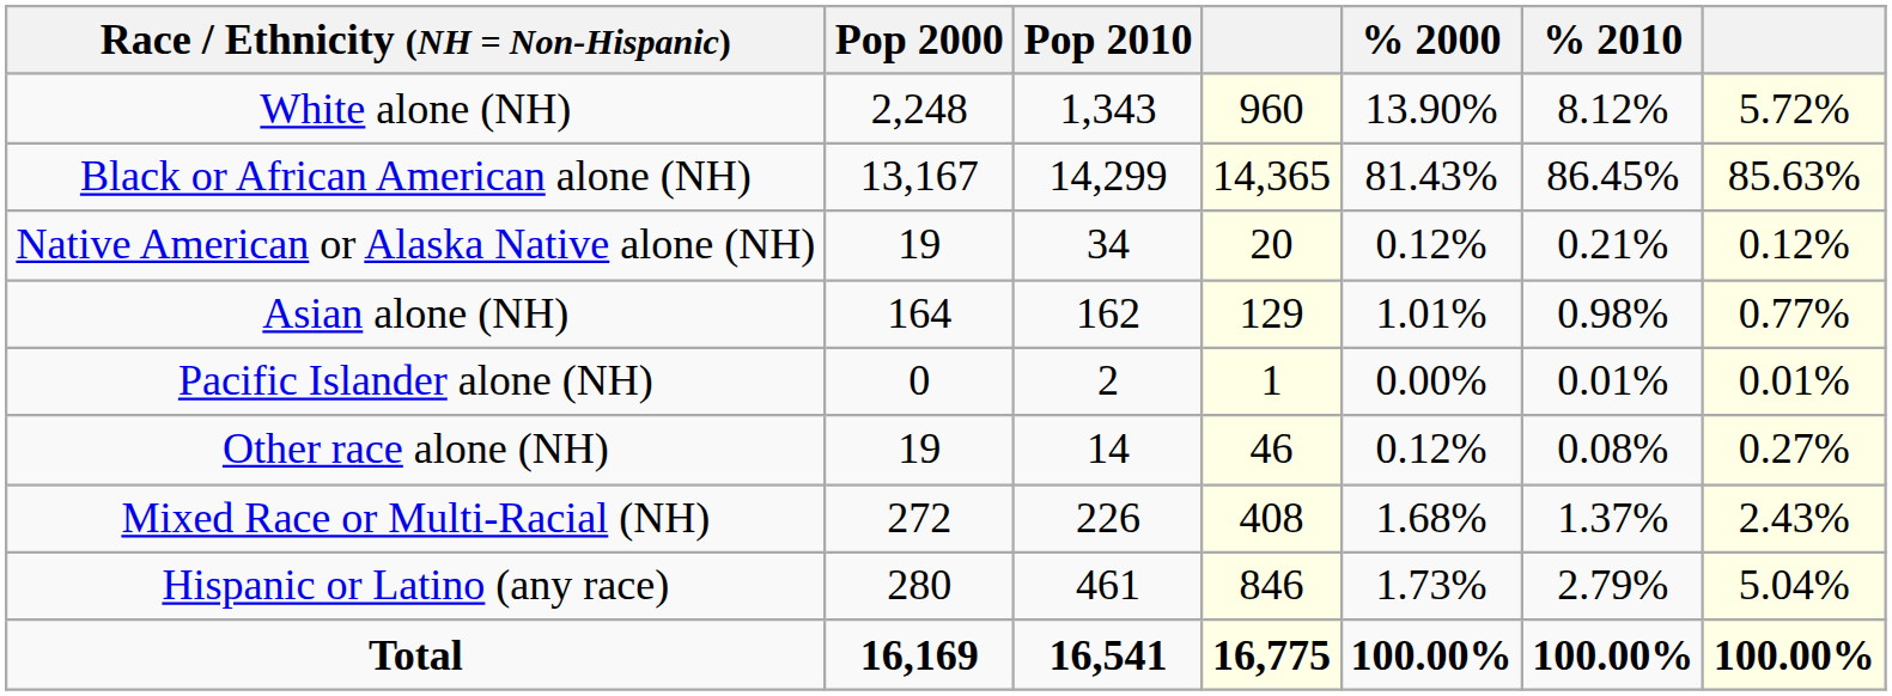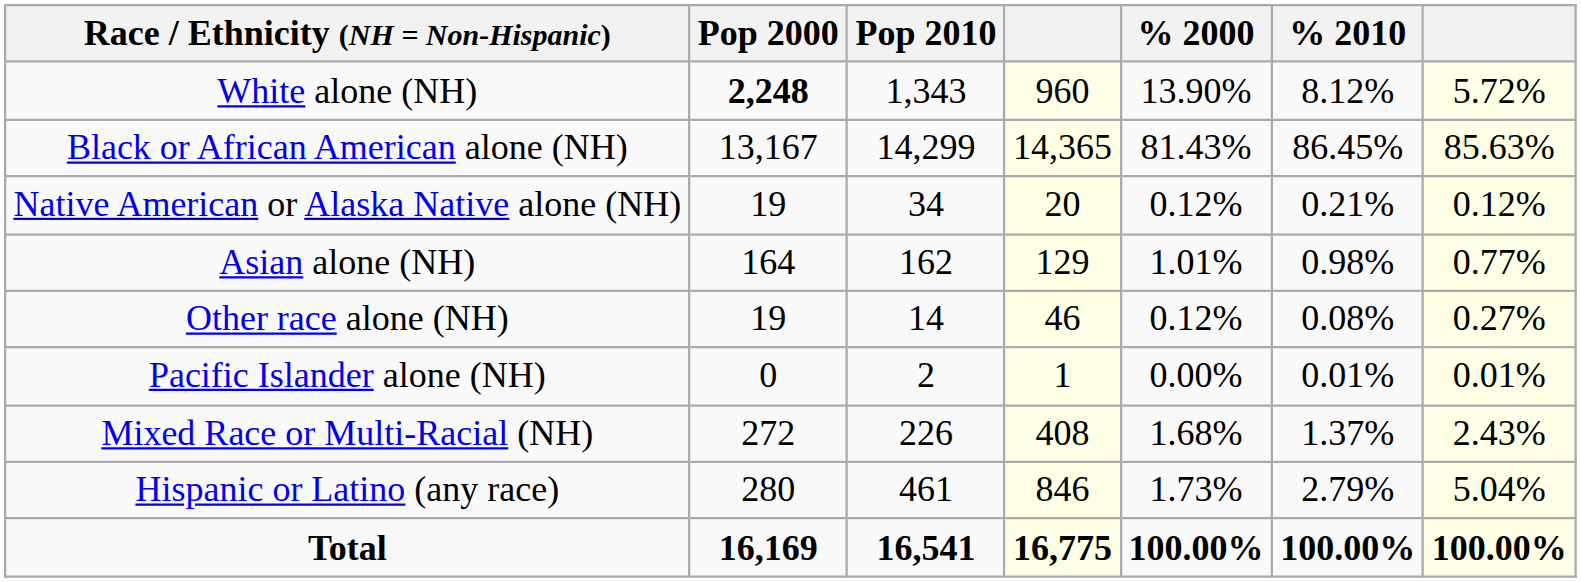 <table class="wikitable" style="text-align:center;">
 <tr>
 <th>Race / Ethnicity <small>(<em>NH = Non-Hispanic</em>)</small></th>
 <th>Pop 2000</th>
 <th>Pop 2010</th>
 <th></th>
 <th>% 2000</th>
 <th>% 2010</th>
 <th></th>
 </tr>
 <tr>
 <td><a href='#'>White</a> alone (NH)</td>
-<td>2,248</td>
+<td><strong>2,248</strong></td>
 <td>1,343</td>
 <td style='background: #ffffe6;'>960</td>
 <td>13.90%</td>
 <td>8.12%</td>
 <td style='background: #ffffe6;'>5.72%</td>
 </tr>
 <tr>
 <td><a href='#'>Black or African American</a> alone (NH)</td>
 <td>13,167</td>
 <td>14,299</td>
 <td style='background: #ffffe6;'>14,365</td>
 <td>81.43%</td>
 <td>86.45%</td>
 <td style='background: #ffffe6;'>85.63%</td>
 </tr>
 <tr>
 <td><a href='#'>Native American</a> or <a href='#'>Alaska Native</a> alone (NH)</td>
 <td>19</td>
 <td>34</td>
 <td style='background: #ffffe6;'>20</td>
 <td>0.12%</td>
 <td>0.21%</td>
 <td style='background: #ffffe6;'>0.12%</td>
 </tr>
 <tr>
 <td><a href='#'>Asian</a> alone (NH)</td>
 <td>164</td>
 <td>162</td>
 <td style='background: #ffffe6;'>129</td>
 <td>1.01%</td>
 <td>0.98%</td>
 <td style='background: #ffffe6;'>0.77%</td>
 </tr>
 <tr>
+<td><a href='#'>Other race</a> alone (NH)</td>
+<td>19</td>
+<td>14</td>
+<td style='background: #ffffe6;'>46</td>
+<td>0.12%</td>
+<td>0.08%</td>
+<td style='background: #ffffe6;'>0.27%</td>
+</tr>
+<tr>
 <td><a href='#'>Pacific Islander</a> alone (NH)</td>
 <td>0</td>
 <td>2</td>
 <td style='background: #ffffe6;'>1</td>
 <td>0.00%</td>
 <td>0.01%</td>
 <td style='background: #ffffe6;'>0.01%</td>
-</tr>
-<tr>
-<td><a href='#'>Other race</a> alone (NH)</td>
-<td>19</td>
-<td>14</td>
-<td style='background: #ffffe6;'>46</td>
-<td>0.12%</td>
-<td>0.08%</td>
-<td style='background: #ffffe6;'>0.27%</td>
 </tr>
 <tr>
 <td><a href='#'>Mixed Race or Multi-Racial</a> (NH)</td>
 <td>272</td>
 <td>226</td>
 <td style='background: #ffffe6;'>408</td>
 <td>1.68%</td>
 <td>1.37%</td>
 <td style='background: #ffffe6;'>2.43%</td>
 </tr>
 <tr>
 <td><a href='#'>Hispanic or Latino</a> (any race)</td>
 <td>280</td>
 <td>461</td>
 <td style='background: #ffffe6;'>846</td>
 <td>1.73%</td>
 <td>2.79%</td>
 <td style='background: #ffffe6;'>5.04%</td>
 </tr>
 <tr>
 <td><strong>Total</strong></td>
 <td><strong>16,169</strong></td>
 <td><strong>16,541</strong></td>
 <td style='background: #ffffe6;'><strong>16,775</strong></td>
 <td><strong>100.00%</strong></td>
 <td><strong>100.00%</strong></td>
 <td style='background: #ffffe6;'><strong>100.00%</strong></td>
 </tr>
 </table>
